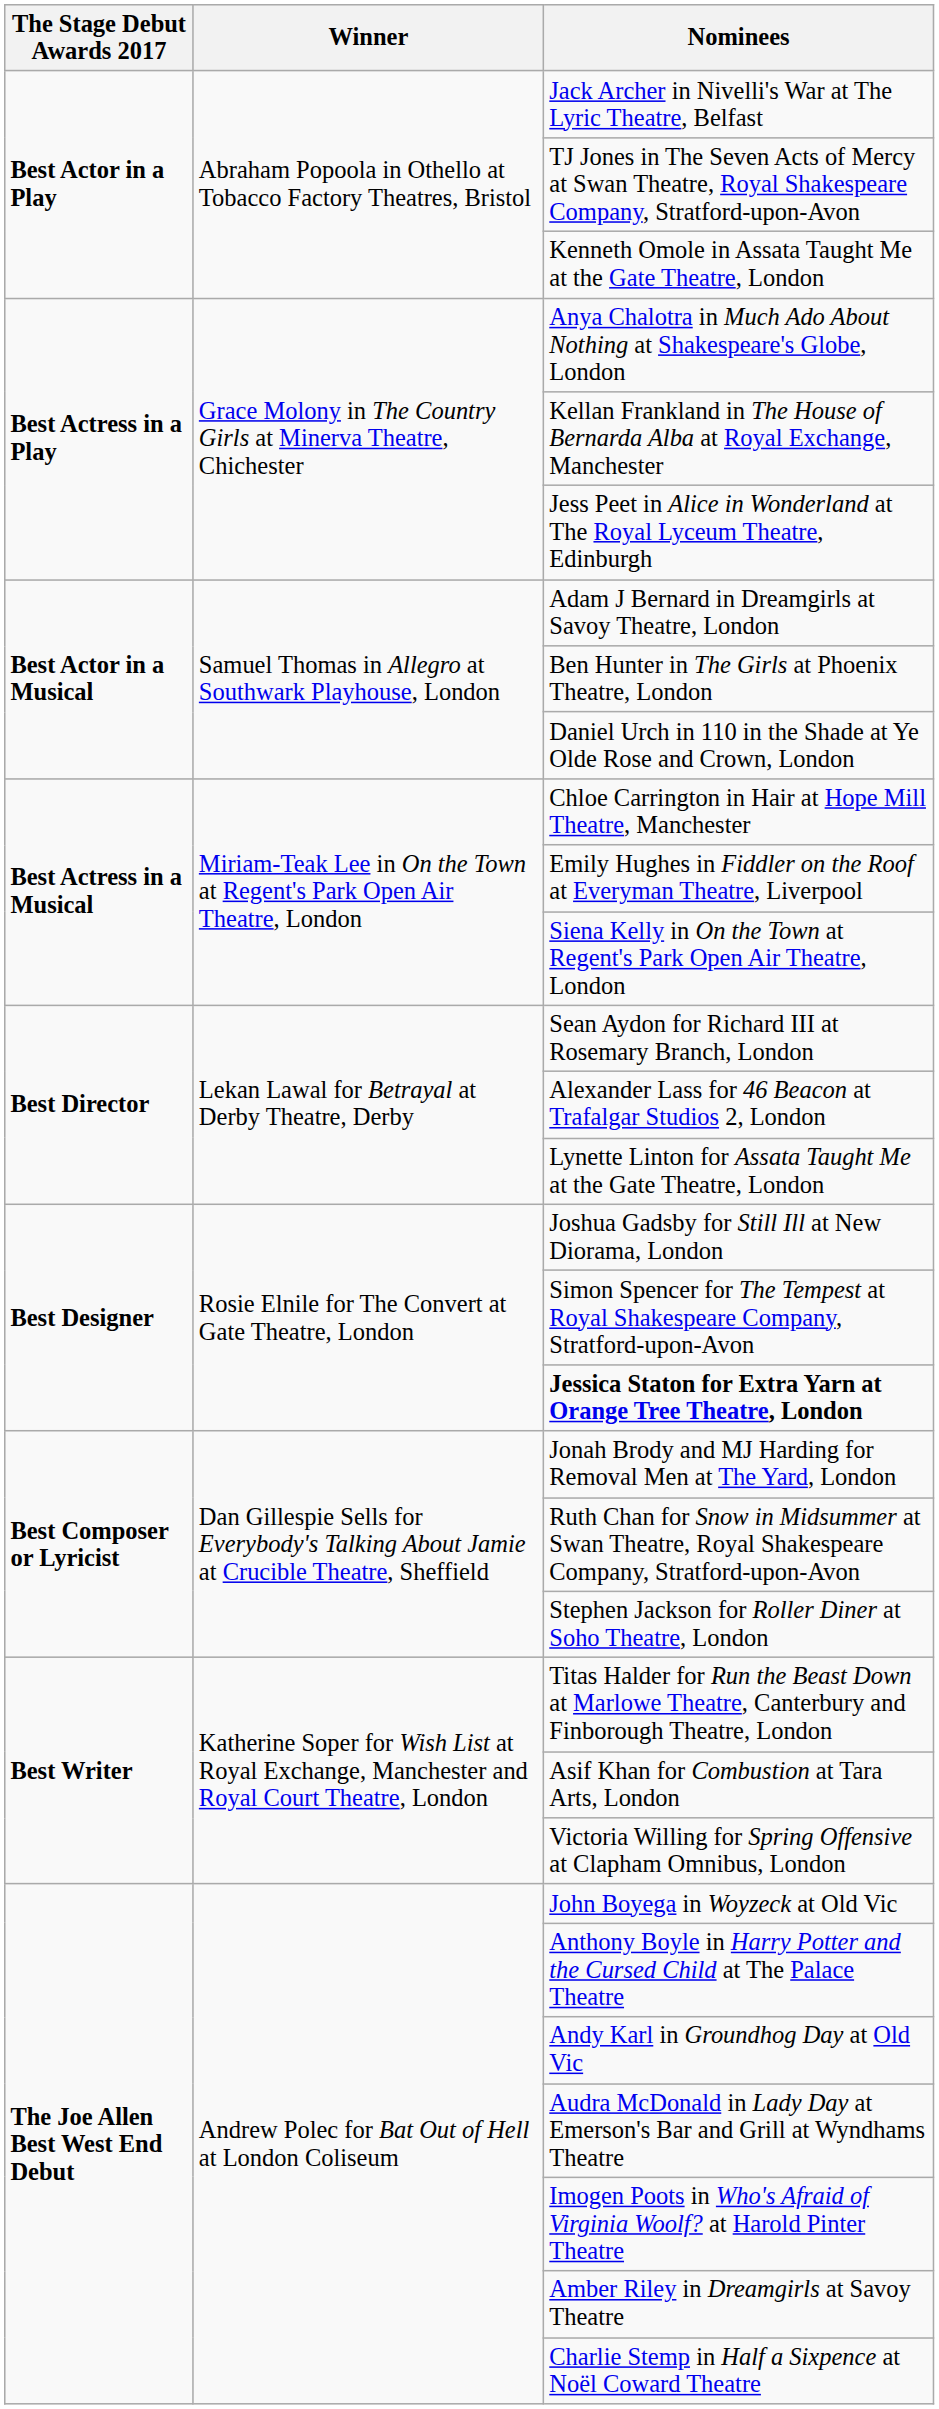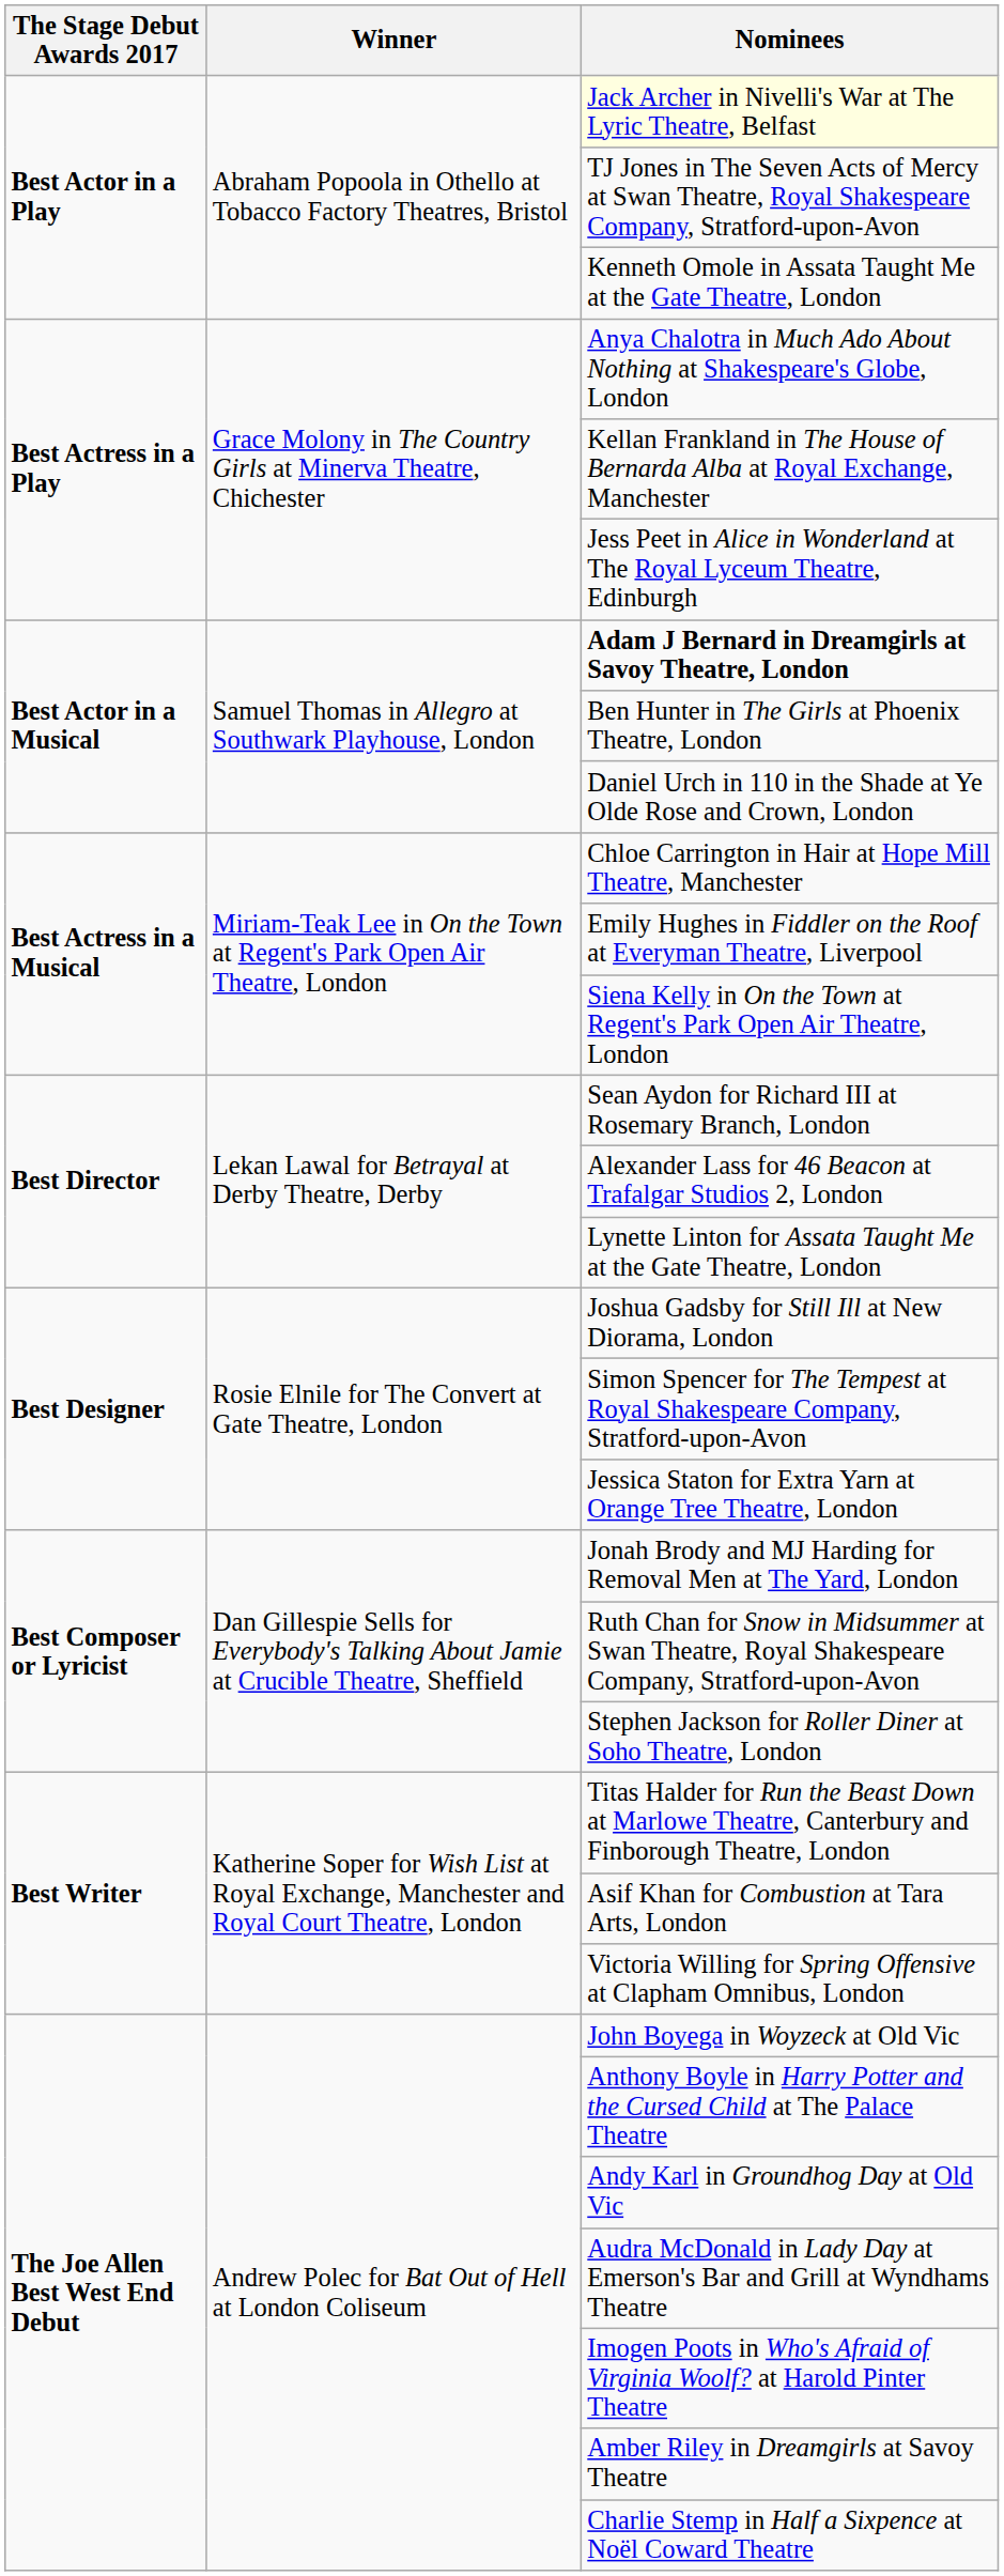 <table class="wikitable">
 <tr>
 <th>The Stage Debut Awards 2017</th>
 <th>Winner</th>
 <th>Nominees</th>
 </tr>
 <tr>
 <td rowspan="3"><strong>Best Actor in a Play</strong></td>
 <td rowspan="3">Abraham Popoola in Othello at Tobacco Factory Theatres, Bristol</td>
-<td><a href='#'>Jack Archer</a> in Nivelli's War at The <a href='#'>Lyric Theatre</a>, Belfast</td>
+<td style="background: lightyellow;"><a href='#'>Jack Archer</a> in Nivelli's War at The <a href='#'>Lyric Theatre</a>, Belfast</td>
 </tr>
 <tr>
 <td>TJ Jones in The Seven Acts of Mercy at Swan Theatre, <a href='#'>Royal Shakespeare Company</a>, Stratford-upon-Avon</td>
 </tr>
 <tr>
 <td>Kenneth Omole in Assata Taught Me at the <a href='#'>Gate Theatre</a>, London</td>
 </tr>
 <tr>
 <td rowspan="3"><strong>Best Actress in a Play</strong></td>
 <td rowspan="3"><a href='#'>Grace Molony</a> in <em>The Country Girls</em> at <a href='#'>Minerva Theatre</a>, Chichester</td>
 <td><a href='#'>Anya Chalotra</a> in <em>Much Ado About Nothing</em> at <a href='#'>Shakespeare's Globe</a>, London</td>
 </tr>
 <tr>
 <td>Kellan Frankland in <em>The House of Bernarda Alba</em> at <a href='#'>Royal Exchange</a>, Manchester</td>
 </tr>
 <tr>
 <td>Jess Peet in <em>Alice in Wonderland</em> at The <a href='#'>Royal Lyceum Theatre</a>, Edinburgh</td>
 </tr>
 <tr>
 <td rowspan="3"><strong>Best Actor in a Musical</strong></td>
 <td rowspan="3">Samuel Thomas in <em>Allegro</em> at <a href='#'>Southwark Playhouse</a>, London</td>
-<td>Adam J Bernard in Dreamgirls at Savoy Theatre, London</td>
+<td><strong>Adam J Bernard in Dreamgirls at Savoy Theatre, London</strong></td>
 </tr>
 <tr>
 <td>Ben Hunter in <em>The Girls</em> at Phoenix Theatre, London</td>
 </tr>
 <tr>
 <td>Daniel Urch in 110 in the Shade at Ye Olde Rose and Crown, London</td>
 </tr>
 <tr>
 <td rowspan="3"><strong>Best Actress in a Musical</strong></td>
 <td rowspan="3"><a href='#'>Miriam-Teak Lee</a> in <em>On the Town</em> at <a href='#'>Regent's Park Open Air Theatre</a>, London</td>
 <td>Chloe Carrington in Hair at <a href='#'>Hope Mill Theatre</a>, Manchester</td>
 </tr>
 <tr>
 <td>Emily Hughes in <em>Fiddler on the Roof</em> at <a href='#'>Everyman Theatre</a>, Liverpool</td>
 </tr>
 <tr>
 <td><a href='#'>Siena Kelly</a> in <em>On the Town</em> at <a href='#'>Regent's Park Open Air Theatre</a>, London</td>
 </tr>
 <tr>
 <td rowspan="3"><strong>Best Director</strong></td>
 <td rowspan="3">Lekan Lawal for <em>Betrayal</em> at Derby Theatre, Derby</td>
 <td>Sean Aydon for Richard III at Rosemary Branch, London</td>
 </tr>
 <tr>
 <td>Alexander Lass for <em>46 Beacon</em> at <a href='#'>Trafalgar Studios</a> 2, London</td>
 </tr>
 <tr>
 <td>Lynette Linton for <em>Assata Taught Me</em> at the Gate Theatre, London</td>
 </tr>
 <tr>
 <td rowspan="3"><strong>Best Designer</strong></td>
 <td rowspan="3">Rosie Elnile for The Convert at Gate Theatre, London</td>
 <td>Joshua Gadsby for <em>Still Ill</em> at New Diorama, London</td>
 </tr>
 <tr>
 <td>Simon Spencer for <em>The Tempest</em> at <a href='#'>Royal Shakespeare Company</a>, Stratford-upon-Avon</td>
 </tr>
 <tr>
-<td><strong>Jessica Staton for Extra Yarn at <a href='#'>Orange Tree Theatre</a>, London</strong></td>
+<td>Jessica Staton for Extra Yarn at <a href='#'>Orange Tree Theatre</a>, London</td>
 </tr>
 <tr>
 <td rowspan="3"><strong>Best Composer or Lyricist</strong></td>
 <td rowspan="3">Dan Gillespie Sells for <em>Everybody's Talking About Jamie</em> at <a href='#'>Crucible Theatre</a>, Sheffield</td>
 <td>Jonah Brody and MJ Harding for Removal Men at <a href='#'>The Yard</a>, London</td>
 </tr>
 <tr>
 <td>Ruth Chan for <em>Snow in Midsummer</em> at Swan Theatre, Royal Shakespeare Company, Stratford-upon-Avon</td>
 </tr>
 <tr>
 <td>Stephen Jackson for <em>Roller Diner</em> at <a href='#'>Soho Theatre</a>, London</td>
 </tr>
 <tr>
 <td rowspan="3"><strong>Best Writer</strong></td>
 <td rowspan="3">Katherine Soper for <em>Wish List</em> at Royal Exchange, Manchester and <a href='#'>Royal Court Theatre</a>, London</td>
 <td>Titas Halder for <em>Run the Beast Down</em> at <a href='#'>Marlowe Theatre</a>, Canterbury and Finborough Theatre, London</td>
 </tr>
 <tr>
 <td>Asif Khan for <em>Combustion</em> at Tara Arts, London</td>
 </tr>
 <tr>
 <td>Victoria Willing for <em>Spring Offensive</em> at Clapham Omnibus, London</td>
 </tr>
 <tr>
 <td rowspan="7"><strong>The Joe Allen Best West End Debut</strong></td>
 <td rowspan="7">Andrew Polec for <em>Bat Out of Hell</em> at London Coliseum</td>
 <td><a href='#'>John Boyega</a> in <em>Woyzeck</em> at Old Vic</td>
 </tr>
 <tr>
 <td><a href='#'>Anthony Boyle</a> in <em><a href='#'>Harry Potter and the Cursed Child</a></em> at The <a href='#'>Palace Theatre</a></td>
 </tr>
 <tr>
 <td><a href='#'>Andy Karl</a> in <em>Groundhog Day</em> at <a href='#'>Old Vic</a></td>
 </tr>
 <tr>
 <td><a href='#'>Audra McDonald</a> in <em>Lady Day</em> at Emerson's Bar and Grill at Wyndhams Theatre</td>
 </tr>
 <tr>
 <td><a href='#'>Imogen Poots</a> in <em><a href='#'>Who's Afraid of Virginia Woolf?</a></em> at <a href='#'>Harold Pinter Theatre</a></td>
 </tr>
 <tr>
 <td><a href='#'>Amber Riley</a> in <em>Dreamgirls</em> at Savoy Theatre</td>
 </tr>
 <tr>
 <td><a href='#'>Charlie Stemp</a> in <em>Half a Sixpence</em> at <a href='#'>Noël Coward Theatre</a></td>
 </tr>
 </table>
